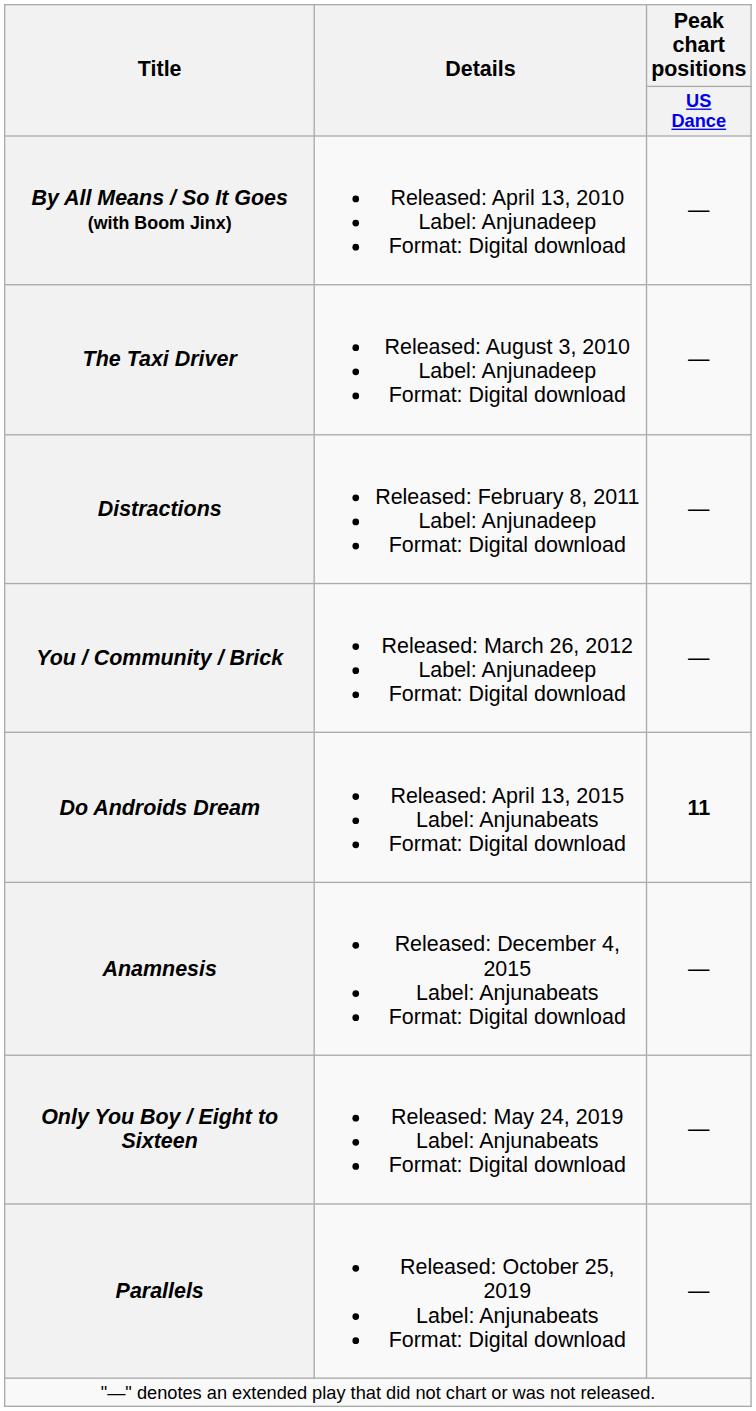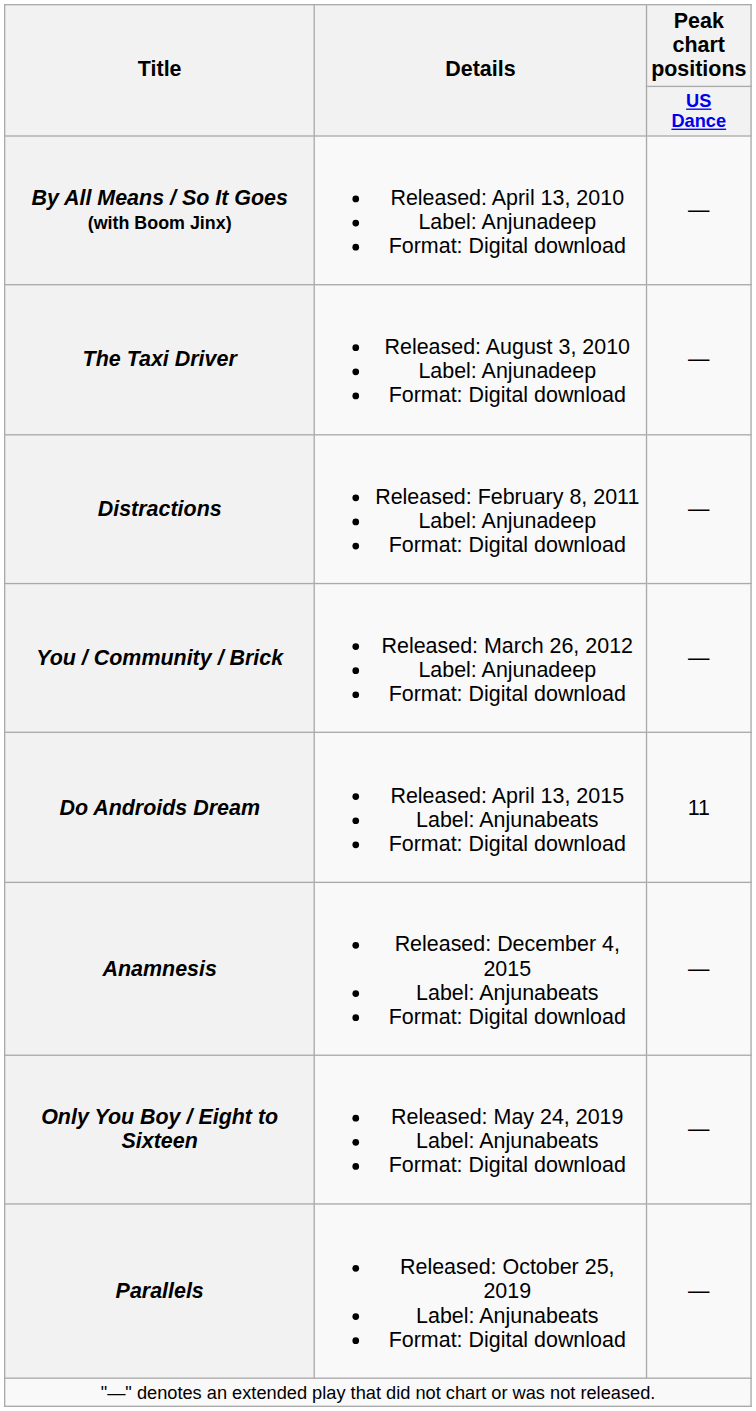 <table class="wikitable plainrowheaders" style="text-align:center;">
 <tr>
 <th scope="col" rowspan="2" style="width:14em;">Title</th>
 <th scope="col" rowspan="2" style="width:15em;">Details</th>
 <th scope="col">Peak chart positions</th>
 </tr>
 <tr>
 <th scope="col" style="width:3em;font-size:85%;"><a href='#'>US<br>Dance</a><br></th>
 </tr>
 <tr>
 <th scope="row"><em>By All Means / So It Goes</em> <br><small>(with Boom Jinx)</small></th>
 <td><br><ul><li>Released: April 13, 2010</li><li>Label: Anjunadeep</li><li>Format: Digital download</li></ul></td>
 <td>—</td>
 </tr>
 <tr>
 <th scope="row"><em>The Taxi Driver</em></th>
 <td><br><ul><li>Released: August 3, 2010</li><li>Label: Anjunadeep</li><li>Format: Digital download</li></ul></td>
 <td>—</td>
 </tr>
 <tr>
 <th scope="row"><em>Distractions</em></th>
 <td><br><ul><li>Released: February 8, 2011</li><li>Label: Anjunadeep</li><li>Format: Digital download</li></ul></td>
 <td>—</td>
 </tr>
 <tr>
 <th scope="row"><em>You / Community / Brick</em></th>
 <td><br><ul><li>Released: March 26, 2012</li><li>Label: Anjunadeep</li><li>Format: Digital download</li></ul></td>
 <td>—</td>
 </tr>
 <tr>
 <th scope="row"><em>Do Androids Dream</em></th>
 <td><br><ul><li>Released: April 13, 2015</li><li>Label: Anjunabeats</li><li>Format: Digital download</li></ul></td>
-<td><strong>11</strong></td>
+<td>11</td>
 </tr>
 <tr>
 <th scope="row"><em>Anamnesis</em></th>
 <td><br><ul><li>Released: December 4, 2015</li><li>Label: Anjunabeats</li><li>Format: Digital download</li></ul></td>
 <td>—</td>
 </tr>
 <tr>
 <th scope="row"><em>Only You Boy / Eight to Sixteen</em></th>
 <td><br><ul><li>Released: May 24, 2019</li><li>Label: Anjunabeats</li><li>Format: Digital download</li></ul></td>
 <td>—</td>
 </tr>
 <tr>
 <th scope="row"><em>Parallels</em></th>
 <td><br><ul><li>Released: October 25, 2019</li><li>Label: Anjunabeats</li><li>Format: Digital download</li></ul></td>
 <td>—</td>
 </tr>
 <tr>
 <td colspan="3" style="font-size:85%">"—" denotes an extended play that did not chart or was not released.</td>
 </tr>
 </table>
